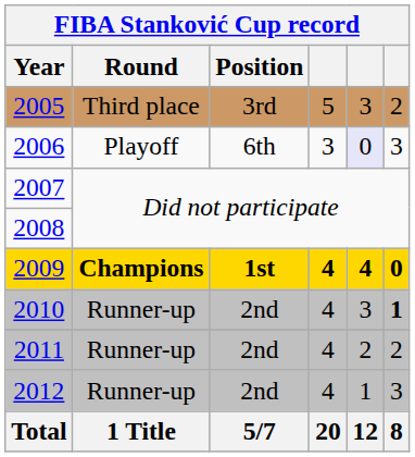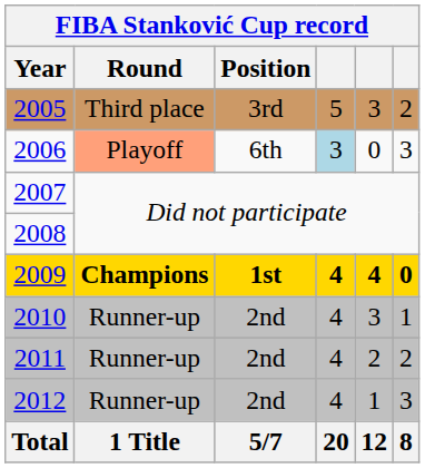 <table class="wikitable" style="text-align: center;">
 <tr>
 <th colspan=10><a href='#'>FIBA Stanković Cup record</a></th>
 </tr>
 <tr>
 <th>Year</th>
 <th>Round</th>
 <th>Position</th>
 <th></th>
 <th></th>
 <th></th>
 </tr>
 <tr style="background:#c96;">
 <td> <a href='#'>2005</a></td>
 <td>Third place</td>
 <td>3rd</td>
 <td>5</td>
 <td>3</td>
 <td>2</td>
 </tr>
 <tr>
 <td> <a href='#'>2006</a></td>
-<td>Playoff</td>
+<td style="background: lightsalmon;">Playoff</td>
 <td>6th</td>
-<td>3</td>
-<td style="background: lavender;">0</td>
+<td style="background: lightblue;">3</td>
+<td>0</td>
 <td>3</td>
 </tr>
 <tr>
 <td> <a href='#'>2007</a></td>
 <td colspan="6" rowspan="2"><em>Did not participate</em></td>
 </tr>
 <tr>
 <td> <a href='#'>2008</a></td>
 </tr>
 <tr style="background:gold;">
 <td> <a href='#'>2009</a></td>
 <td><strong>Champions</strong></td>
 <td><strong>1st</strong></td>
 <td><strong>4</strong></td>
 <td><strong>4</strong></td>
 <td><strong>0</strong></td>
 </tr>
 <tr style="background:silver;">
 <td> <a href='#'>2010</a></td>
 <td>Runner-up</td>
 <td>2nd</td>
 <td>4</td>
 <td>3</td>
-<td><strong>1</strong></td>
+<td>1</td>
 </tr>
 <tr style="background:silver;">
 <td> <a href='#'>2011</a></td>
 <td>Runner-up</td>
 <td>2nd</td>
 <td>4</td>
 <td>2</td>
 <td>2</td>
 </tr>
 <tr style="background:silver;">
 <td> <a href='#'>2012</a></td>
 <td>Runner-up</td>
 <td>2nd</td>
 <td>4</td>
 <td>1</td>
 <td>3</td>
 </tr>
 <tr>
 <th>Total</th>
 <th>1 Title</th>
 <th>5/7</th>
 <th>20</th>
 <th>12</th>
 <th>8</th>
 </tr>
 </table>
